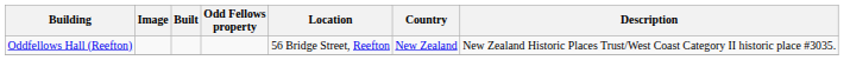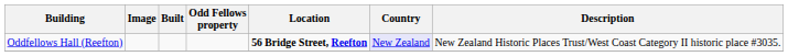 <table class="wikitable sortable">
 <tr>
 <th>Building<br></th>
 <th class="unsortable">Image</th>
 <th>Built</th>
 <th>Odd Fellows<br>property</th>
 <th>Location</th>
 <th>Country</th>
 <th class="unsortable">Description</th>
 </tr>
 <tr>
 <td><a href='#'>Oddfellows Hall (Reefton)</a></td>
 <td></td>
 <td></td>
 <td></td>
-<td>56 Bridge Street, <a href='#'>Reefton</a></td>
-<td><a href='#'>New Zealand</a></td>
+<td><strong>56 Bridge Street, <a href='#'>Reefton</a></strong></td>
+<td style="background: lavender;"><a href='#'>New Zealand</a></td>
 <td>New Zealand Historic Places Trust/West Coast Category II historic place #3035.</td>
 </tr>
 <tr>
 </tr>
 </table>
